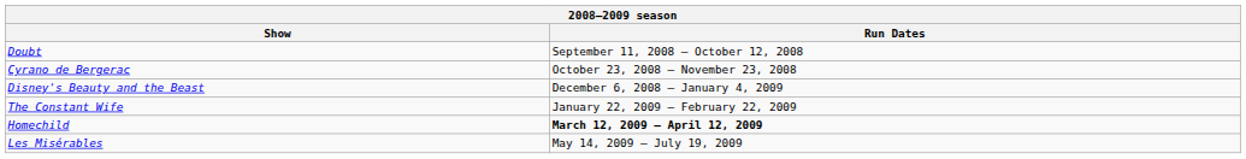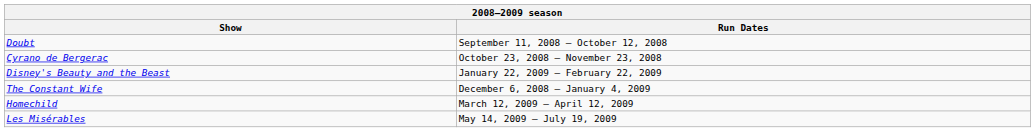 <table class="wikitable collapsible collapsed" width=90%>
 <tr>
 <th colspan=4>2008–2009 season</th>
 </tr>
 <tr>
 <th>Show</th>
 <th>Run Dates</th>
 </tr>
 <tr>
 <td><em><a href='#'>Doubt</a></em></td>
 <td>September 11, 2008 – October 12, 2008</td>
 </tr>
 <tr>
 <td><em><a href='#'>Cyrano de Bergerac</a></em></td>
 <td>October 23, 2008 – November 23, 2008</td>
 </tr>
 <tr>
 <td><em><a href='#'>Disney's Beauty and the Beast</a></em></td>
+<td>January 22, 2009 – February 22, 2009</td>
+</tr>
+<tr>
+<td><em><a href='#'>The Constant Wife</a></em></td>
 <td>December 6, 2008 – January 4, 2009</td>
 </tr>
 <tr>
-<td><em><a href='#'>The Constant Wife</a></em></td>
-<td>January 22, 2009 – February 22, 2009</td>
-</tr>
-<tr>
 <td><em><a href='#'>Homechild</a></em></td>
-<td><strong>March 12, 2009 – April 12, 2009</strong></td>
+<td>March 12, 2009 – April 12, 2009</td>
 </tr>
 <tr>
 <td><em><a href='#'>Les Misérables</a></em></td>
 <td>May 14, 2009 – July 19, 2009</td>
 </tr>
 </table>
